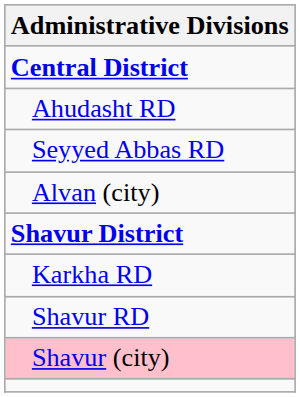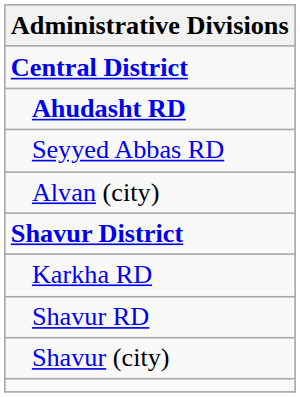 <table class="wikitable">
 <tr>
 <th>Administrative Divisions</th>
 </tr>
 <tr>
 <td><strong><a href='#'>Central District</a></strong></td>
 </tr>
 <tr>
-<td style="padding-left: 1em;"><a href='#'>Ahudasht RD</a></td>
+<td style="padding-left: 1em;"><strong><a href='#'>Ahudasht RD</a></strong></td>
 </tr>
 <tr>
 <td style="padding-left: 1em;"><a href='#'>Seyyed Abbas RD</a></td>
 </tr>
 <tr>
 <td style="padding-left: 1em;"><a href='#'>Alvan</a> (city)</td>
 </tr>
 <tr>
 <td><strong><a href='#'>Shavur District</a></strong></td>
 </tr>
 <tr>
 <td style="padding-left: 1em;"><a href='#'>Karkha RD</a></td>
 </tr>
 <tr>
 <td style="padding-left: 1em;"><a href='#'>Shavur RD</a></td>
 </tr>
 <tr>
-<td style="background: pink; padding-left: 1em;"><a href='#'>Shavur</a> (city)</td>
+<td style="padding-left: 1em;"><a href='#'>Shavur</a> (city)</td>
 </tr>
 <tr>
 <td colspan=4></td>
 </tr>
 </table>
